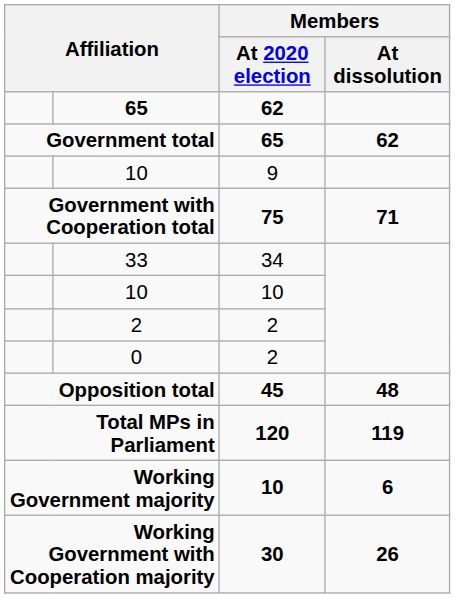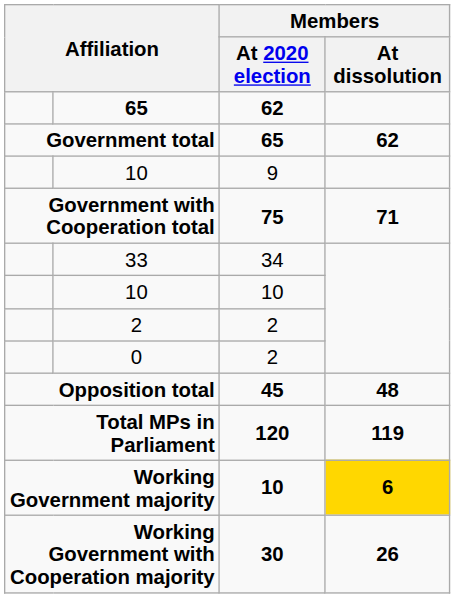 <table class="wikitable" border="1" style="font-size:95%; width:250pt; text-align:center">
 <tr>
 <th colspan="2" rowspan="2" style="text-align:center;vertical-align:middle; ">Affiliation</th>
 <th colspan="2" style="vertical-align:top;">Members</th>
 </tr>
 <tr>
 <th>At <a href='#'>2020 election</a></th>
 <th>At dissolution</th>
 </tr>
 <tr>
 <td></td>
 <td><strong>65</strong></td>
 <td><strong>62</strong></td>
 </tr>
 <tr>
 <td colspan="2" style="text-align:right; "><strong>Government total</strong></td>
 <td><strong>65</strong></td>
 <td><strong>62</strong></td>
 </tr>
 <tr>
 <td> </td>
 <td>10</td>
 <td>9</td>
 </tr>
 <tr>
 <td colspan="2" style="text-align:right; "><strong>Government with Cooperation total</strong></td>
 <td><strong>75</strong></td>
 <td><strong>71</strong></td>
 </tr>
 <tr>
 <td></td>
 <td>33</td>
 <td>34</td>
 </tr>
 <tr>
 <td></td>
 <td>10</td>
 <td>10</td>
 </tr>
 <tr>
 <td></td>
 <td>2</td>
 <td>2</td>
 </tr>
 <tr>
 <td></td>
 <td>0</td>
 <td>2</td>
 </tr>
 <tr>
 <td colspan="2" style="text-align:right; "><strong>Opposition total</strong></td>
 <td><strong>45</strong></td>
 <td><strong>48</strong></td>
 </tr>
 <tr>
 <td colspan="2" style="text-align:right; "><strong>Total MPs in Parliament</strong></td>
 <td><strong>120</strong></td>
 <td><strong>119</strong></td>
 </tr>
 <tr>
 <td colspan="2" style="text-align:right; "><strong>Working Government majority</strong></td>
 <td><strong>10</strong></td>
-<td><strong>6</strong></td>
+<td style="background: gold;"><strong>6</strong></td>
 </tr>
 <tr>
 <td colspan="2" style="text-align:right; "><strong>Working Government with Cooperation majority</strong></td>
 <td><strong>30</strong></td>
 <td><strong>26</strong></td>
 </tr>
 </table>
